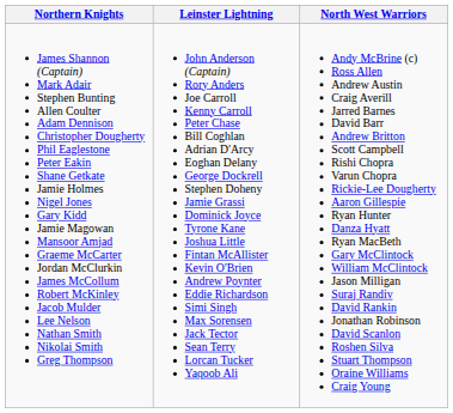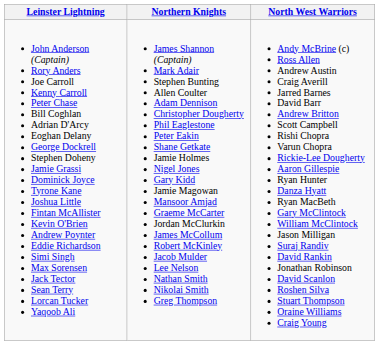 <table class="wikitable">
 <tr>
+<th width=300><a href='#'>Leinster Lightning</a></th>
 <th width=300><a href='#'>Northern Knights</a></th>
-<th width=300><a href='#'>Leinster Lightning</a></th>
 <th width=300><a href='#'>North West Warriors</a></th>
 </tr>
 <tr>
+<td valign=top><br><ul><li><a href='#'>John Anderson</a> <em>(Captain)</em></li><li><a href='#'>Rory Anders</a></li><li>Joe Carroll</li><li><a href='#'>Kenny Carroll</a></li><li><a href='#'>Peter Chase</a></li><li>Bill Coghlan</li><li>Adrian D'Arcy</li><li>Eoghan Delany</li><li><a href='#'>George Dockrell</a></li><li>Stephen Doheny</li><li><a href='#'>Jamie Grassi</a></li><li><a href='#'>Dominick Joyce</a></li><li><a href='#'>Tyrone Kane</a></li><li><a href='#'>Joshua Little</a></li><li><a href='#'>Fintan McAllister</a></li><li><a href='#'>Kevin O'Brien</a></li><li><a href='#'>Andrew Poynter</a></li><li><a href='#'>Eddie Richardson</a></li><li><a href='#'>Simi Singh</a></li><li><a href='#'>Max Sorensen</a></li><li><a href='#'>Jack Tector</a></li><li><a href='#'>Sean Terry</a></li><li><a href='#'>Lorcan Tucker</a></li><li><a href='#'>Yaqoob Ali</a></li></ul></td>
 <td valign=top><br><ul><li><a href='#'>James Shannon</a> <em>(Captain)</em></li><li><a href='#'>Mark Adair</a></li><li>Stephen Bunting</li><li>Allen Coulter</li><li><a href='#'>Adam Dennison</a></li><li><a href='#'>Christopher Dougherty</a></li><li><a href='#'>Phil Eaglestone</a></li><li><a href='#'>Peter Eakin</a></li><li><a href='#'>Shane Getkate</a></li><li>Jamie Holmes</li><li><a href='#'>Nigel Jones</a></li><li><a href='#'>Gary Kidd</a></li><li>Jamie Magowan</li><li><a href='#'>Mansoor Amjad</a></li><li><a href='#'>Graeme McCarter</a></li><li>Jordan McClurkin</li><li><a href='#'>James McCollum</a></li><li><a href='#'>Robert McKinley</a></li><li><a href='#'>Jacob Mulder</a></li><li><a href='#'>Lee Nelson</a></li><li><a href='#'>Nathan Smith</a></li><li><a href='#'>Nikolai Smith</a></li><li><a href='#'>Greg Thompson</a></li></ul></td>
-<td valign=top><br><ul><li><a href='#'>John Anderson</a> <em>(Captain)</em></li><li><a href='#'>Rory Anders</a></li><li>Joe Carroll</li><li><a href='#'>Kenny Carroll</a></li><li><a href='#'>Peter Chase</a></li><li>Bill Coghlan</li><li>Adrian D'Arcy</li><li>Eoghan Delany</li><li><a href='#'>George Dockrell</a></li><li>Stephen Doheny</li><li><a href='#'>Jamie Grassi</a></li><li><a href='#'>Dominick Joyce</a></li><li><a href='#'>Tyrone Kane</a></li><li><a href='#'>Joshua Little</a></li><li><a href='#'>Fintan McAllister</a></li><li><a href='#'>Kevin O'Brien</a></li><li><a href='#'>Andrew Poynter</a></li><li><a href='#'>Eddie Richardson</a></li><li><a href='#'>Simi Singh</a></li><li><a href='#'>Max Sorensen</a></li><li><a href='#'>Jack Tector</a></li><li><a href='#'>Sean Terry</a></li><li><a href='#'>Lorcan Tucker</a></li><li><a href='#'>Yaqoob Ali</a></li></ul></td>
 <td valign=top><br><ul><li><a href='#'>Andy McBrine</a> (c)</li><li><a href='#'>Ross Allen</a></li><li>Andrew Austin</li><li>Craig Averill</li><li>Jarred Barnes</li><li>David Barr</li><li><a href='#'>Andrew Britton</a></li><li>Scott Campbell</li><li>Rishi Chopra</li><li>Varun Chopra</li><li><a href='#'>Rickie-Lee Dougherty</a></li><li><a href='#'>Aaron Gillespie</a></li><li>Ryan Hunter</li><li><a href='#'>Danza Hyatt</a></li><li>Ryan MacBeth</li><li><a href='#'>Gary McClintock</a></li><li><a href='#'>William McClintock</a></li><li>Jason Milligan</li><li><a href='#'>Suraj Randiv</a></li><li><a href='#'>David Rankin</a></li><li>Jonathan Robinson</li><li><a href='#'>David Scanlon</a></li><li><a href='#'>Roshen Silva</a></li><li><a href='#'>Stuart Thompson</a></li><li><a href='#'>Oraine Williams</a></li><li><a href='#'>Craig Young</a></li></ul></td>
 </tr>
 </table>
